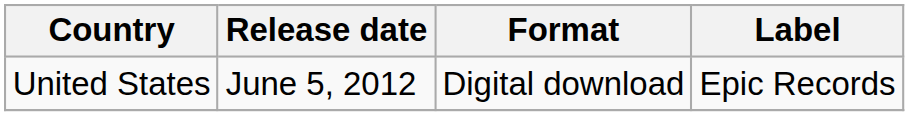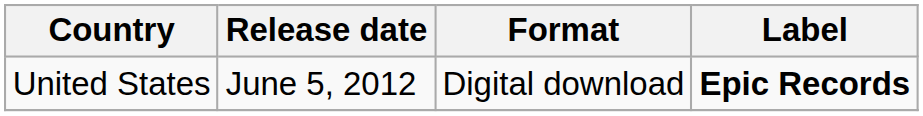 <table class="wikitable plainrowheaders">
 <tr>
 <th scope="col">Country</th>
 <th scope="col">Release date</th>
 <th scope="col">Format</th>
 <th scope="col">Label</th>
 </tr>
 <tr>
 <td>United States</td>
 <td>June 5, 2012</td>
 <td>Digital download</td>
-<td>Epic Records</td>
+<td><strong>Epic Records</strong></td>
 </tr>
 <tr>
 </tr>
 </table>
